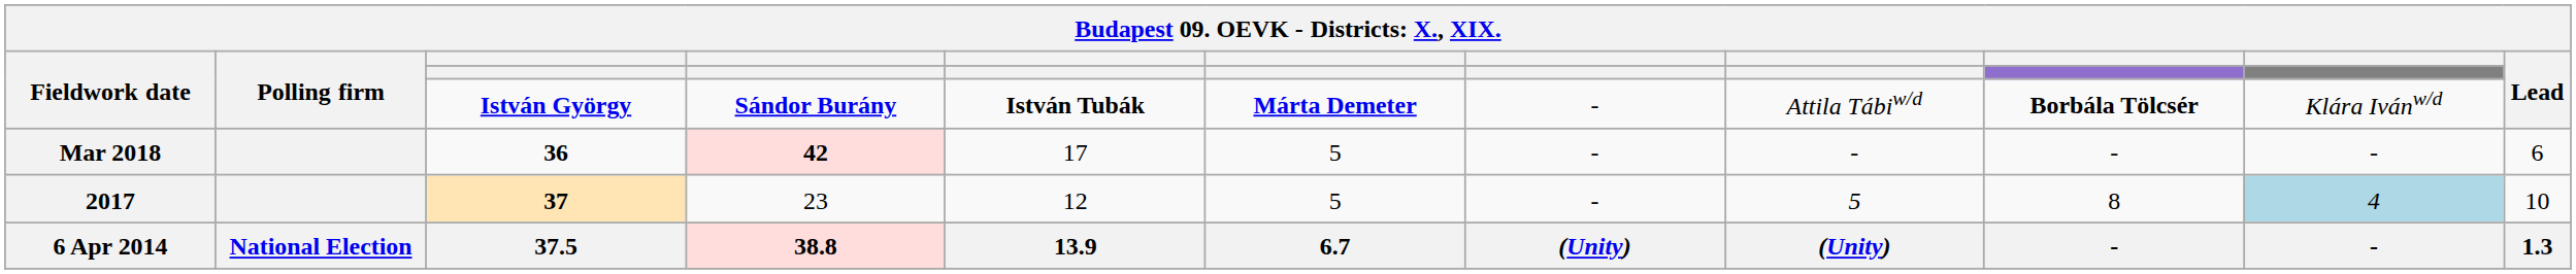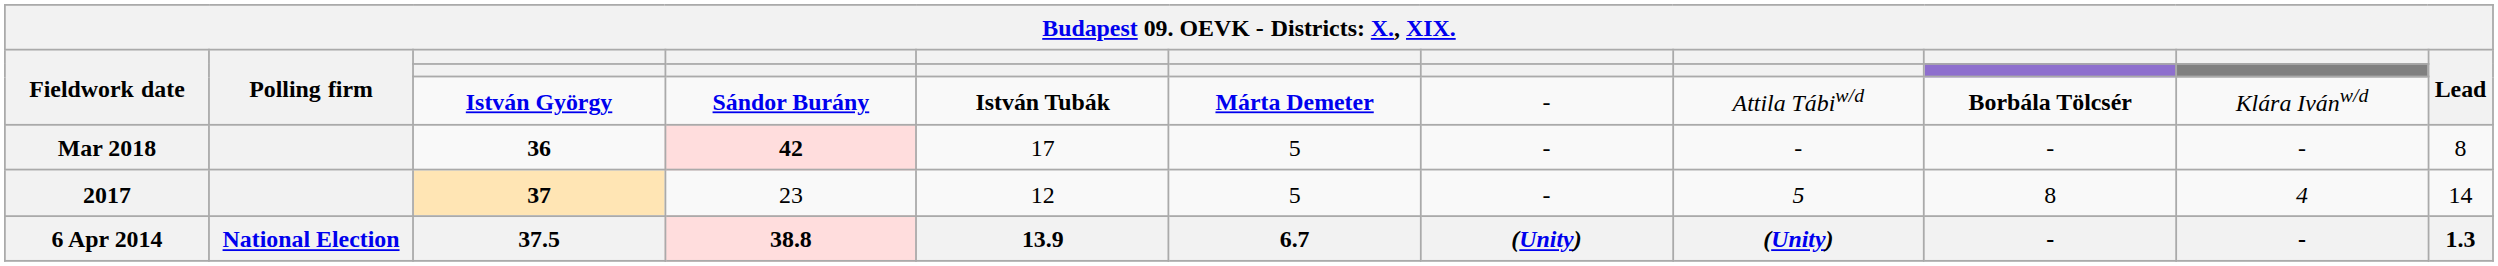 <table class="wikitable mw-collapsible mw-collapsed" style="text-align:center">
 <tr>
 <th colspan="11" style="width: 980pt;"><small><a href='#'>Budapest</a> 09. OEVK -</small> <small>Districts: <a href='#'>X.</a>, <a href='#'>XIX.</a></small></th>
 </tr>
 <tr>
 <th rowspan="3" style="width: 80pt;"><small>Fieldwork</small> <small>date</small></th>
 <th rowspan="3" style="width: 80pt;"><strong><small>Polling</small> <small>firm</small></strong></th>
 <th style="width: 100pt;"><small></small></th>
 <th style="width: 100pt;"><small> </small></th>
 <th style="width: 100pt;"></th>
 <th style="width: 100pt;"></th>
 <th style="width: 100pt;"></th>
 <th style="width: 100pt;"></th>
 <th style="width: 100pt;"></th>
 <th style="width: 100pt;"></th>
 <th rowspan="3" style="width: 20pt;"><small>Lead</small></th>
 </tr>
 <tr>
 <th style="color:inherit;background:"></th>
 <th style="color:inherit;background:"></th>
 <th style="color:inherit;background:"></th>
 <th style="color:inherit;background:"></th>
 <th style="color:inherit;background:"></th>
 <th style="color:inherit;background:"></th>
 <th style="color:inherit;background:#8E6FCE;"></th>
 <th style="color:inherit;background:#808080;"></th>
 </tr>
 <tr>
 <td><small><strong><a href='#'>István György</a></strong></small></td>
 <td><small><strong><a href='#'>Sándor Burány</a></strong></small></td>
 <td><small><strong>István Tubák</strong></small></td>
 <td><small><strong><a href='#'>Márta Demeter</a></strong></small></td>
 <td><small>-</small></td>
 <td><em><small>Attila Tábi<sup>w/d</sup></small></em></td>
 <td><small><strong>Borbála Tölcsér</strong></small></td>
 <td><em><small>Klára Iván<sup>w/d</sup></small></em></td>
 </tr>
 <tr>
 <th><small>Mar 2018</small></th>
 <th><small></small></th>
 <td><strong><small>36</small></strong></td>
 <td style="background:#FFDDDD"><small><strong>42</strong></small></td>
 <td><small>17</small></td>
 <td><small>5</small></td>
 <td><small>-</small></td>
 <td><em><small>-</small></em></td>
 <td><small>-</small></td>
 <td><em><small>-</small></em></td>
-<td style="background:"><small>6</small></td>
+<td style="background:"><small>8</small></td>
 </tr>
 <tr>
 <th><small>2017</small></th>
 <th><small></small></th>
 <td style="background:#FFE5B4"><small><strong>37</strong></small></td>
 <td><small>23</small></td>
 <td><small>12</small></td>
 <td><small>5</small></td>
 <td><small>-</small></td>
 <td><em><small>5</small></em></td>
 <td><small>8</small></td>
-<td style="background: lightblue;"><em><small>4</small></em></td>
-<td style="background:"><small>10</small></td>
+<td><em><small>4</small></em></td>
+<td style="background:"><small>14</small></td>
 </tr>
 <tr>
 <th><small>6 Apr 2014</small></th>
 <th><a href='#'><small>National Election</small></a></th>
 <th><small>37.5</small></th>
 <th style="background:#FFDDDD"><small>38.8</small></th>
 <th><small>13.9</small></th>
 <th><small>6.7</small></th>
 <th><small><em>(<a href='#'>Unity</a>)</em></small></th>
 <th><small><em>(<a href='#'>Unity</a>)</em></small></th>
 <th><small>-</small></th>
 <th><small>-</small></th>
 <th style="background:"><small>1.3</small></th>
 </tr>
 </table>
